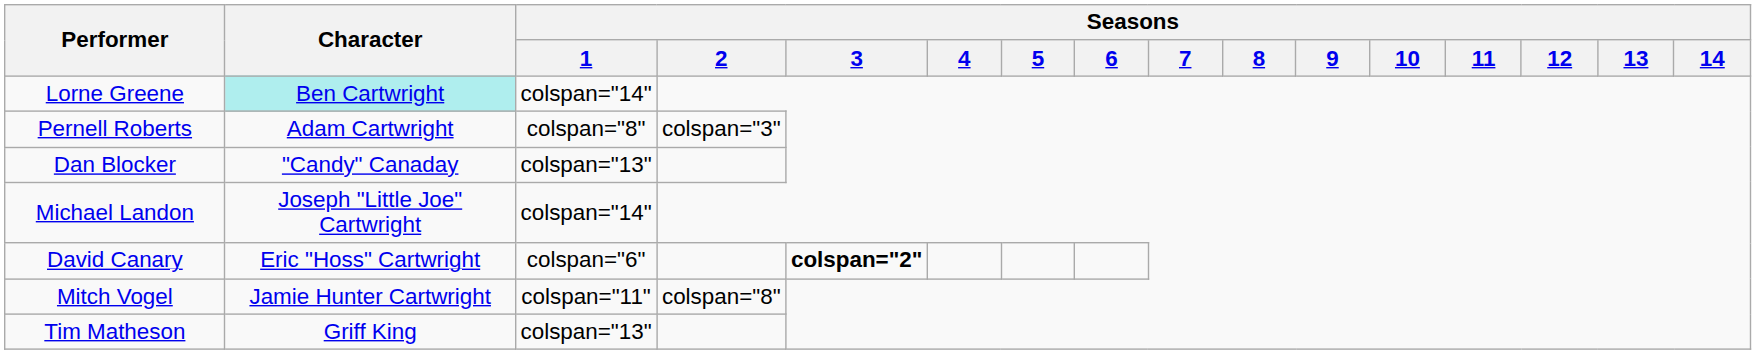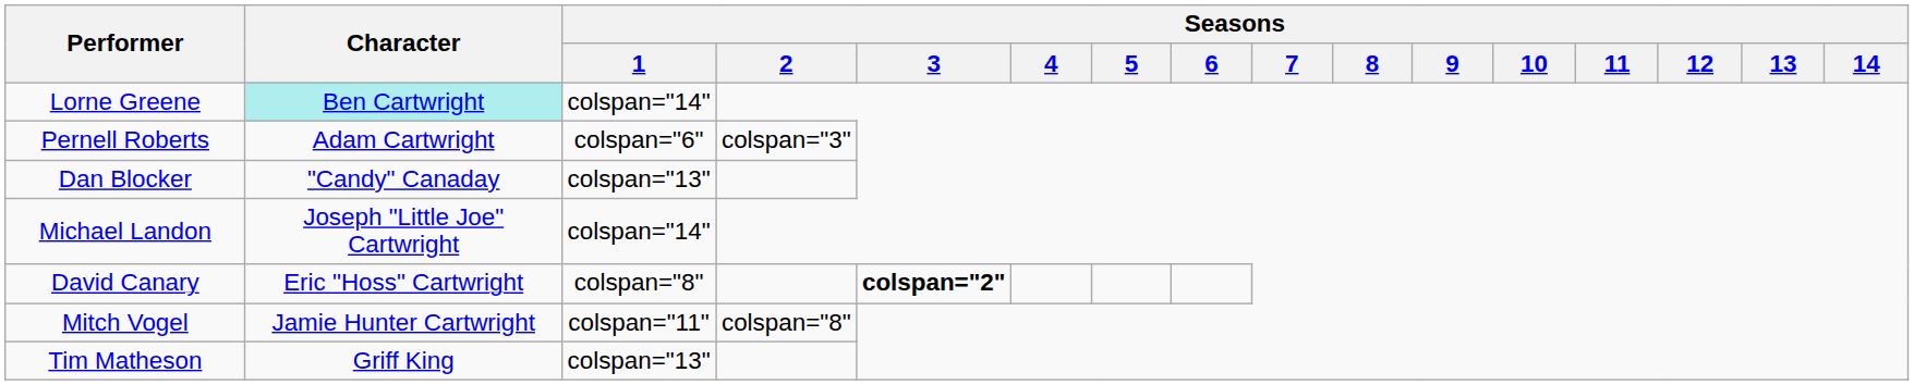 <table class="wikitable" style="text-align: center;">
 <tr>
 <th rowspan="2" style="min-width: 150px; max-width: 150px;">Performer</th>
 <th rowspan="2" style="min-width: 200px; max-width: 200px;">Character</th>
 <th colspan="14">Seasons</th>
 </tr>
 <tr>
 <th style="width:5%;"><a href='#'>1</a></th>
 <th style="width:5%;"><a href='#'>2</a></th>
 <th style="width:5%;"><a href='#'>3</a></th>
 <th style="width:5%;"><a href='#'>4</a></th>
 <th style="width:5%;"><a href='#'>5</a></th>
 <th style="width:5%;"><a href='#'>6</a></th>
 <th style="width:5%;"><a href='#'>7</a></th>
 <th style="width:5%;"><a href='#'>8</a></th>
 <th style="width:5%;"><a href='#'>9</a></th>
 <th style="width:5%;"><a href='#'>10</a></th>
 <th style="width:5%;"><a href='#'>11</a></th>
 <th style="width:5%;"><a href='#'>12</a></th>
 <th style="width:5%;"><a href='#'>13</a></th>
 <th style="width:5%;"><a href='#'>14</a></th>
 </tr>
 <tr>
 <td><a href='#'>Lorne Greene</a></td>
 <td style="background: paleturquoise;"><a href='#'>Ben Cartwright</a></td>
 <td>colspan="14" </td>
 </tr>
 <tr>
 <td><a href='#'>Pernell Roberts</a></td>
 <td><a href='#'>Adam Cartwright</a></td>
-<td>colspan="8" </td>
+<td>colspan="6" </td>
 <td>colspan="3" </td>
 </tr>
 <tr>
 <td><a href='#'>Dan Blocker</a></td>
 <td><a href='#'>"Candy" Canaday</a></td>
 <td>colspan="13" </td>
 <td></td>
 </tr>
 <tr>
 <td><a href='#'>Michael Landon</a></td>
 <td><a href='#'>Joseph "Little Joe" Cartwright</a></td>
 <td>colspan="14" </td>
 </tr>
 <tr>
 <td><a href='#'>David Canary</a></td>
 <td><a href='#'>Eric "Hoss" Cartwright</a></td>
-<td>colspan="6" </td>
+<td>colspan="8" </td>
 <td></td>
 <td><strong>colspan="2" </strong></td>
 <td></td>
 <td></td>
 <td></td>
 </tr>
 <tr>
 <td><a href='#'>Mitch Vogel</a></td>
 <td><a href='#'>Jamie Hunter Cartwright</a></td>
 <td>colspan="11" </td>
 <td>colspan="8" </td>
 </tr>
 <tr>
 <td><a href='#'>Tim Matheson</a></td>
 <td><a href='#'>Griff King</a></td>
 <td>colspan="13" </td>
 <td></td>
 </tr>
 </table>
